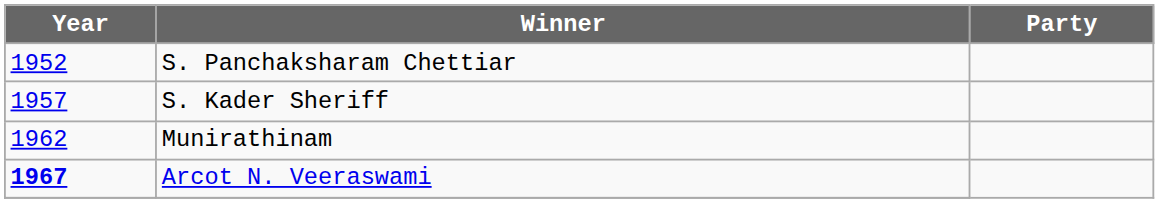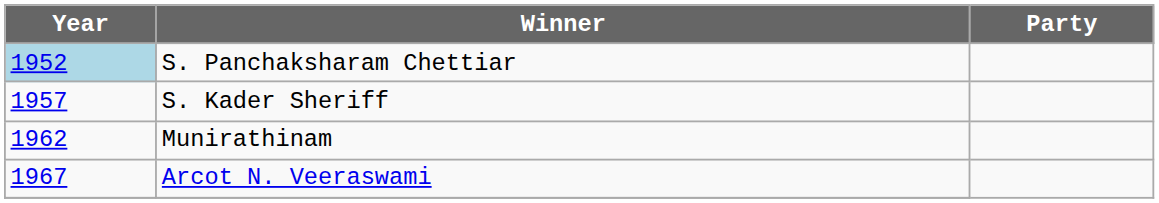 <table class="wikitable" width="50%">
 <tr>
 <th style="background-color:#666666; color:white">Year</th>
 <th style="background-color:#666666; color:white">Winner</th>
 <th style="background-color:#666666; color:white" colspan="2">Party</th>
 </tr>
 <tr>
-<td><a href='#'>1952</a></td>
+<td style="background: lightblue;"><a href='#'>1952</a></td>
 <td>S. Panchaksharam Chettiar</td>
 <td></td>
 </tr>
 <tr>
 <td><a href='#'>1957</a></td>
 <td>S. Kader Sheriff</td>
 </tr>
 <tr>
 <td><a href='#'>1962</a></td>
 <td>Munirathinam</td>
 <td></td>
 </tr>
 <tr>
-<td><strong><a href='#'>1967</a></strong></td>
+<td><a href='#'>1967</a></td>
 <td><a href='#'>Arcot N. Veeraswami</a></td>
 </tr>
 <tr>
 </tr>
 </table>
